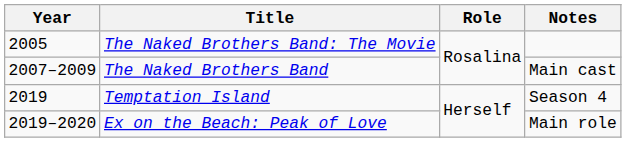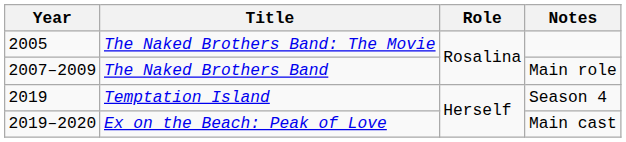 <table class="wikitable">
 <tr>
 <th>Year</th>
 <th>Title</th>
 <th>Role</th>
 <th>Notes</th>
 </tr>
 <tr>
 <td>2005</td>
 <td><em><a href='#'>The Naked Brothers Band: The Movie</a></em></td>
 <td rowspan=2>Rosalina</td>
 <td></td>
 </tr>
 <tr>
 <td>2007–2009</td>
 <td><em><a href='#'>The Naked Brothers Band</a></em></td>
-<td>Main cast</td>
+<td>Main role</td>
 </tr>
 <tr>
 <td>2019</td>
 <td><em><a href='#'>Temptation Island</a></em></td>
 <td rowspan=2>Herself</td>
 <td>Season 4</td>
 </tr>
 <tr>
 <td>2019–2020</td>
 <td><em><a href='#'>Ex on the Beach: Peak of Love</a></em></td>
-<td>Main role</td>
+<td>Main cast</td>
 </tr>
 </table>
